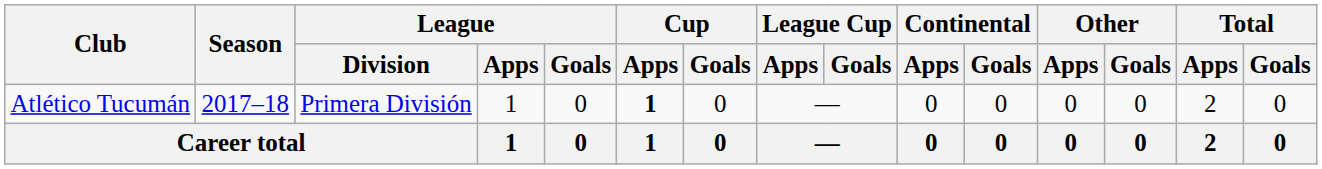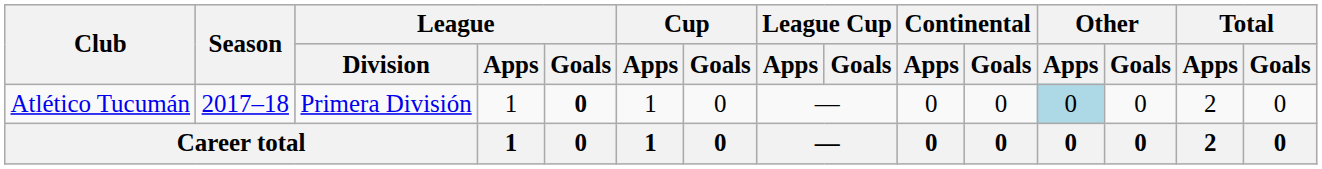 <table class="wikitable" style="text-align:center">
 <tr>
 <th rowspan="2">Club</th>
 <th rowspan="2">Season</th>
 <th colspan="3">League</th>
 <th colspan="2">Cup</th>
 <th colspan="2">League Cup</th>
 <th colspan="2">Continental</th>
 <th colspan="2">Other</th>
 <th colspan="2">Total</th>
 </tr>
 <tr>
 <th>Division</th>
 <th>Apps</th>
 <th>Goals</th>
 <th>Apps</th>
 <th>Goals</th>
 <th>Apps</th>
 <th>Goals</th>
 <th>Apps</th>
 <th>Goals</th>
 <th>Apps</th>
 <th>Goals</th>
 <th>Apps</th>
 <th>Goals</th>
 </tr>
 <tr>
 <td rowspan="1"><a href='#'>Atlético Tucumán</a></td>
 <td><a href='#'>2017–18</a></td>
 <td rowspan="1"><a href='#'>Primera División</a></td>
 <td>1</td>
-<td>0</td>
-<td><strong>1</strong></td>
+<td><strong>0</strong></td>
+<td>1</td>
 <td>0</td>
 <td colspan="2">—</td>
 <td>0</td>
 <td>0</td>
-<td>0</td>
+<td style="background: lightblue;">0</td>
 <td>0</td>
 <td>2</td>
 <td>0</td>
 </tr>
 <tr>
 <th colspan="3">Career total</th>
 <th>1</th>
 <th>0</th>
 <th>1</th>
 <th>0</th>
 <th colspan="2">—</th>
 <th>0</th>
 <th>0</th>
 <th>0</th>
 <th>0</th>
 <th>2</th>
 <th>0</th>
 </tr>
 </table>
